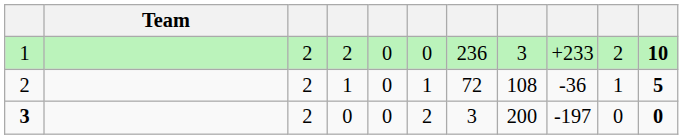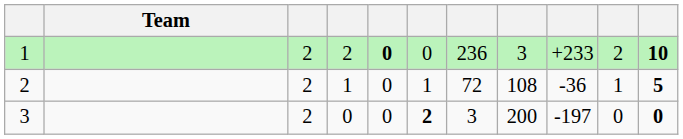 <table class="wikitable" style="text-align:center;">
 <tr>
 <th style="width:1.5em;"></th>
 <th style="width:11.5em">Team</th>
 <th style="width:1.5em;"></th>
 <th style="width:1.5em;"></th>
 <th style="width:1.5em;"></th>
 <th style="width:1.5em;"></th>
 <th style="width:2.0em;"></th>
 <th style="width:2.0em;"></th>
 <th style="width:2.0em;"></th>
 <th style="width:1.5em;"></th>
 <th style="width:1.5em;"></th>
 </tr>
 <tr style="background:#bbf3bb;">
 <td>1</td>
 <td align="left"></td>
 <td>2</td>
 <td>2</td>
-<td>0</td>
+<td><strong>0</strong></td>
 <td>0</td>
 <td>236</td>
 <td>3</td>
 <td>+233</td>
 <td>2</td>
 <td><strong>10</strong></td>
 </tr>
 <tr>
 <td>2</td>
 <td align="left"></td>
 <td>2</td>
 <td>1</td>
 <td>0</td>
 <td>1</td>
 <td>72</td>
 <td>108</td>
 <td>-36</td>
 <td>1</td>
 <td><strong>5</strong></td>
 </tr>
 <tr>
-<td><strong>3</strong></td>
+<td>3</td>
 <td align="left"></td>
 <td>2</td>
 <td>0</td>
 <td>0</td>
-<td>2</td>
+<td><strong>2</strong></td>
 <td>3</td>
 <td>200</td>
 <td>-197</td>
 <td>0</td>
 <td><strong>0</strong></td>
 </tr>
 </table>
